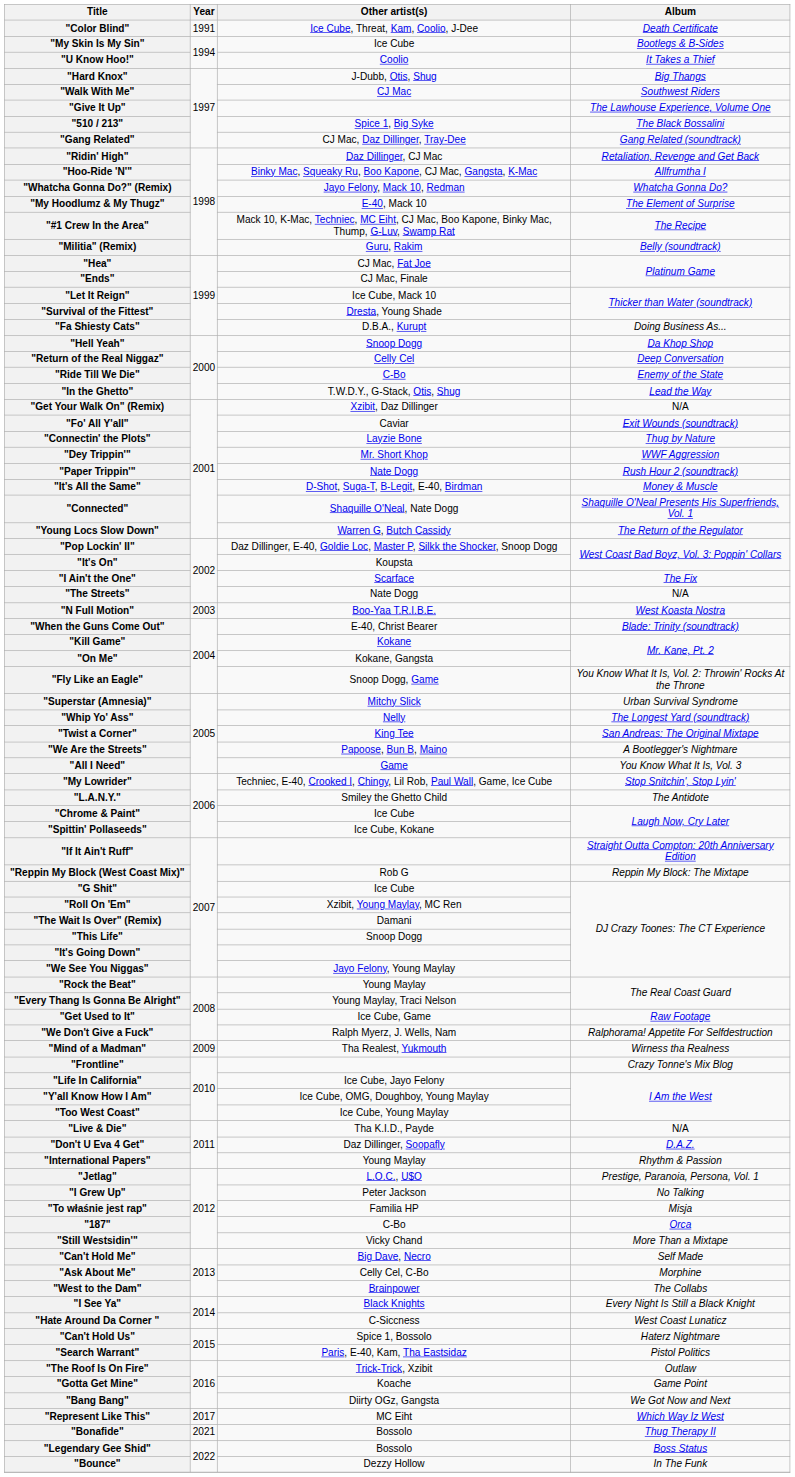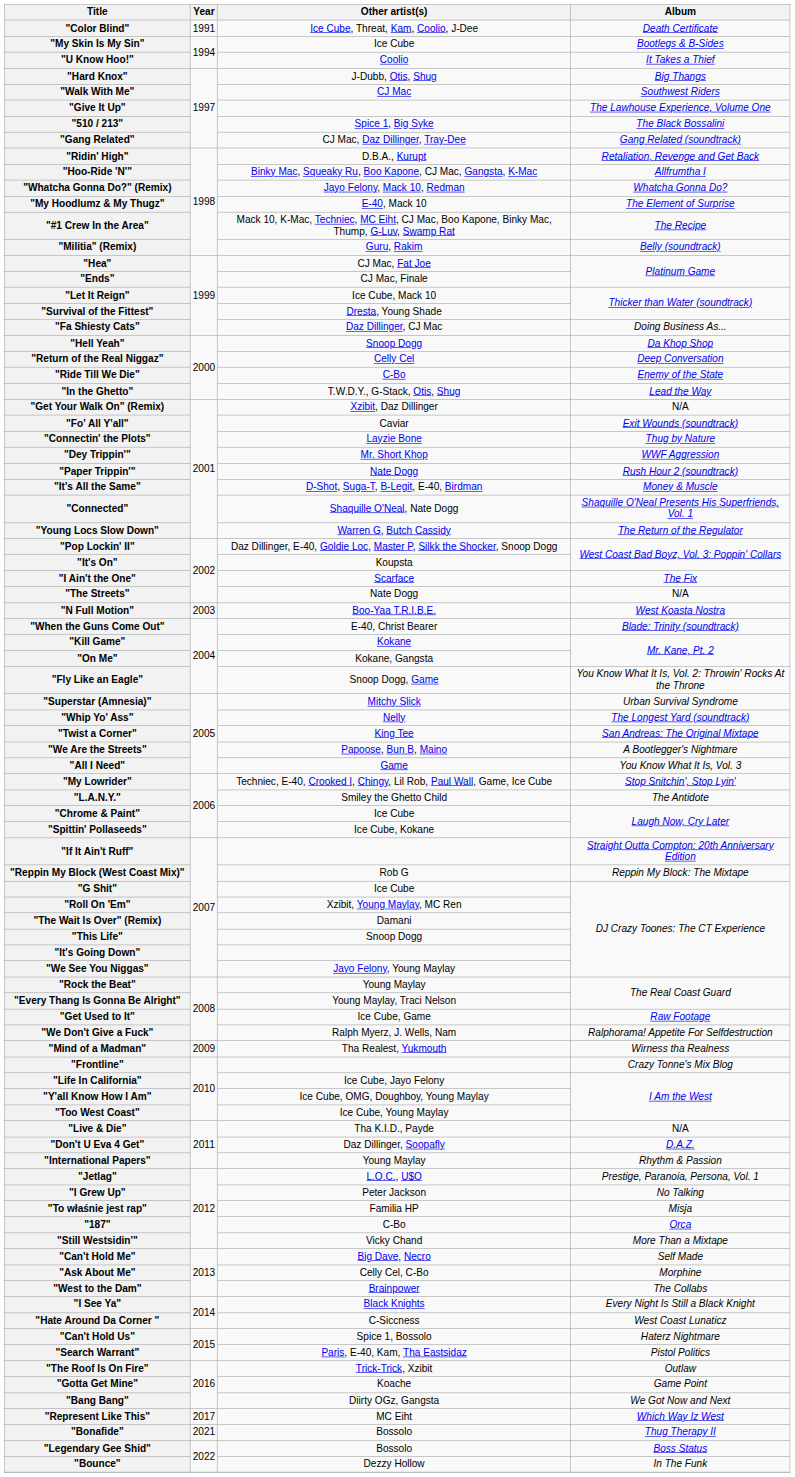 <table class="wikitable plainrowheaders" style="text-align:center;" border="1">
 <tr>
 <th scope="col" style="width:18em;">Title</th>
 <th scope="col">Year</th>
 <th scope="col">Other artist(s)</th>
 <th scope="col">Album</th>
 </tr>
 <tr>
 <th scope="row">"Color Blind"</th>
 <td>1991</td>
 <td><a href='#'>Ice Cube</a>, Threat, <a href='#'>Kam</a>, <a href='#'>Coolio</a>, J-Dee</td>
 <td><em><a href='#'>Death Certificate</a></em></td>
 </tr>
 <tr>
 <th scope="row">"My Skin Is My Sin"</th>
 <td rowspan="2">1994</td>
 <td>Ice Cube</td>
 <td><em><a href='#'>Bootlegs & B-Sides</a></em></td>
 </tr>
 <tr>
 <th scope="row">"U Know Hoo!"</th>
 <td><a href='#'>Coolio</a></td>
 <td><em><a href='#'>It Takes a Thief</a></em></td>
 </tr>
 <tr>
 <th scope="row">"Hard Knox"</th>
 <td rowspan="5">1997</td>
 <td>J-Dubb, <a href='#'>Otis</a>, <a href='#'>Shug</a></td>
 <td><em><a href='#'>Big Thangs</a></em></td>
 </tr>
 <tr>
 <th scope="row">"Walk With Me"</th>
 <td><a href='#'>CJ Mac</a></td>
 <td><em><a href='#'>Southwest Riders</a></em></td>
 </tr>
 <tr>
 <th scope="row">"Give It Up"</th>
 <td></td>
 <td><em><a href='#'>The Lawhouse Experience, Volume One</a></em></td>
 </tr>
 <tr>
 <th scope="row">"510 / 213"</th>
 <td><a href='#'>Spice 1</a>, <a href='#'>Big Syke</a></td>
 <td><em><a href='#'>The Black Bossalini</a></em></td>
 </tr>
 <tr>
 <th scope="row">"Gang Related"</th>
 <td>CJ Mac, <a href='#'>Daz Dillinger</a>, <a href='#'>Tray-Dee</a></td>
 <td><em><a href='#'>Gang Related (soundtrack)</a></em></td>
 </tr>
 <tr>
 <th scope="row">"Ridin' High"</th>
 <td rowspan="6">1998</td>
-<td><a href='#'>Daz Dillinger</a>, CJ Mac</td>
+<td>D.B.A., <a href='#'>Kurupt</a></td>
 <td><em><a href='#'>Retaliation, Revenge and Get Back</a></em></td>
 </tr>
 <tr>
 <th scope="row">"Hoo-Ride 'N'"</th>
 <td><a href='#'>Binky Mac</a>, <a href='#'>Squeaky Ru</a>, <a href='#'>Boo Kapone</a>, CJ Mac, <a href='#'>Gangsta</a>, <a href='#'>K-Mac</a></td>
 <td><em><a href='#'>Allfrumtha I</a></em></td>
 </tr>
 <tr>
 <th scope="row">"Whatcha Gonna Do?" (Remix)</th>
 <td><a href='#'>Jayo Felony</a>, <a href='#'>Mack 10</a>, <a href='#'>Redman</a></td>
 <td><em><a href='#'>Whatcha Gonna Do?</a></em></td>
 </tr>
 <tr>
 <th scope="row">"My Hoodlumz & My Thugz"</th>
 <td><a href='#'>E-40</a>, Mack 10</td>
 <td><em><a href='#'>The Element of Surprise</a></em></td>
 </tr>
 <tr>
 <th scope="row">"#1 Crew In the Area"</th>
 <td>Mack 10, K-Mac, <a href='#'>Techniec</a>, <a href='#'>MC Eiht</a>, CJ Mac, Boo Kapone, Binky Mac, Thump, <a href='#'>G-Luv</a>, <a href='#'>Swamp Rat</a></td>
 <td><em><a href='#'>The Recipe</a></em></td>
 </tr>
 <tr>
 <th scope="row">"Militia" (Remix)</th>
 <td><a href='#'>Guru</a>, <a href='#'>Rakim</a></td>
 <td><em><a href='#'>Belly (soundtrack)</a></em></td>
 </tr>
 <tr>
 <th scope="row">"Hea"</th>
 <td rowspan="5">1999</td>
 <td>CJ Mac, <a href='#'>Fat Joe</a></td>
 <td rowspan="2"><em><a href='#'>Platinum Game</a></em></td>
 </tr>
 <tr>
 <th scope="row">"Ends"</th>
 <td>CJ Mac, Finale</td>
 </tr>
 <tr>
 <th scope="row">"Let It Reign"</th>
 <td>Ice Cube, Mack 10</td>
 <td rowspan="2"><em><a href='#'>Thicker than Water (soundtrack)</a></em></td>
 </tr>
 <tr>
 <th scope="row">"Survival of the Fittest"</th>
 <td><a href='#'>Dresta</a>, Young Shade</td>
 </tr>
 <tr>
 <th scope="row">"Fa Shiesty Cats"</th>
-<td>D.B.A., <a href='#'>Kurupt</a></td>
+<td><a href='#'>Daz Dillinger</a>, CJ Mac</td>
 <td><em>Doing Business As...</em></td>
 </tr>
 <tr>
 <th scope="row">"Hell Yeah"</th>
 <td rowspan="4">2000</td>
 <td><a href='#'>Snoop Dogg</a></td>
 <td><em><a href='#'>Da Khop Shop</a></em></td>
 </tr>
 <tr>
 <th scope="row">"Return of the Real Niggaz"</th>
 <td><a href='#'>Celly Cel</a></td>
 <td><em><a href='#'>Deep Conversation</a></em></td>
 </tr>
 <tr>
 <th scope="row">"Ride Till We Die"</th>
 <td><a href='#'>C-Bo</a></td>
 <td><em><a href='#'>Enemy of the State</a></em></td>
 </tr>
 <tr>
 <th scope="row">"In the Ghetto"</th>
 <td>T.W.D.Y., G-Stack, <a href='#'>Otis</a>, <a href='#'>Shug</a></td>
 <td><em><a href='#'>Lead the Way</a></em></td>
 </tr>
 <tr>
 <th scope="row">"Get Your Walk On" (Remix)</th>
 <td rowspan="8">2001</td>
 <td><a href='#'>Xzibit</a>, Daz Dillinger</td>
 <td>N/A</td>
 </tr>
 <tr>
 <th scope="row">"Fo' All Y'all"</th>
 <td>Caviar</td>
 <td><em><a href='#'>Exit Wounds (soundtrack)</a></em></td>
 </tr>
 <tr>
 <th scope="row">"Connectin' the Plots"</th>
 <td><a href='#'>Layzie Bone</a></td>
 <td><em><a href='#'>Thug by Nature</a></em></td>
 </tr>
 <tr>
 <th scope="row">"Dey Trippin'"</th>
 <td><a href='#'>Mr. Short Khop</a></td>
 <td><em><a href='#'>WWF Aggression</a></em></td>
 </tr>
 <tr>
 <th scope="row">"Paper Trippin'"</th>
 <td><a href='#'>Nate Dogg</a></td>
 <td><em><a href='#'>Rush Hour 2 (soundtrack)</a></em></td>
 </tr>
 <tr>
 <th scope="row">"It's All the Same"</th>
 <td><a href='#'>D-Shot</a>, <a href='#'>Suga-T</a>, <a href='#'>B-Legit</a>, E-40, <a href='#'>Birdman</a></td>
 <td><em><a href='#'>Money & Muscle</a></em></td>
 </tr>
 <tr>
 <th scope="row">"Connected"</th>
 <td><a href='#'>Shaquille O'Neal</a>, Nate Dogg</td>
 <td><em><a href='#'>Shaquille O'Neal Presents His Superfriends, Vol. 1</a></em></td>
 </tr>
 <tr>
 <th scope="row">"Young Locs Slow Down"</th>
 <td><a href='#'>Warren G</a>, <a href='#'>Butch Cassidy</a></td>
 <td><em><a href='#'>The Return of the Regulator</a></em></td>
 </tr>
 <tr>
 <th scope="row">"Pop Lockin' II"</th>
 <td rowspan="4">2002</td>
 <td>Daz Dillinger, E-40, <a href='#'>Goldie Loc</a>, <a href='#'>Master P</a>, <a href='#'>Silkk the Shocker</a>, Snoop Dogg</td>
 <td rowspan="2"><em><a href='#'>West Coast Bad Boyz, Vol. 3: Poppin' Collars</a></em></td>
 </tr>
 <tr>
 <th scope="row">"It's On"</th>
 <td>Koupsta</td>
 </tr>
 <tr>
 <th scope="row">"I Ain't the One"</th>
 <td><a href='#'>Scarface</a></td>
 <td><em><a href='#'>The Fix</a></em></td>
 </tr>
 <tr>
 <th scope="row">"The Streets"</th>
 <td>Nate Dogg</td>
 <td>N/A</td>
 </tr>
 <tr>
 <th scope="row">"N Full Motion"</th>
 <td>2003</td>
 <td><a href='#'>Boo-Yaa T.R.I.B.E.</a></td>
 <td><em><a href='#'>West Koasta Nostra</a></em></td>
 </tr>
 <tr>
 <th scope="row">"When the Guns Come Out"</th>
 <td rowspan="4">2004</td>
 <td>E-40, Christ Bearer</td>
 <td><em><a href='#'>Blade: Trinity (soundtrack)</a></em></td>
 </tr>
 <tr>
 <th scope="row">"Kill Game"</th>
 <td><a href='#'>Kokane</a></td>
 <td rowspan="2"><em><a href='#'>Mr. Kane, Pt. 2</a></em></td>
 </tr>
 <tr>
 <th scope="row">"On Me"</th>
 <td>Kokane, Gangsta</td>
 </tr>
 <tr>
 <th scope="row">"Fly Like an Eagle"</th>
 <td>Snoop Dogg, <a href='#'>Game</a></td>
 <td><em>You Know What It Is, Vol. 2: Throwin' Rocks At the Throne</em></td>
 </tr>
 <tr>
 <th scope="row">"Superstar (Amnesia)"</th>
 <td rowspan="5">2005</td>
 <td><a href='#'>Mitchy Slick</a></td>
 <td><em>Urban Survival Syndrome</em></td>
 </tr>
 <tr>
 <th scope="row">"Whip Yo' Ass"</th>
 <td><a href='#'>Nelly</a></td>
 <td><em><a href='#'>The Longest Yard (soundtrack)</a></em></td>
 </tr>
 <tr>
 <th scope="row">"Twist a Corner"</th>
 <td><a href='#'>King Tee</a></td>
 <td><em><a href='#'>San Andreas: The Original Mixtape</a></em></td>
 </tr>
 <tr>
 <th scope="row">"We Are the Streets"</th>
 <td><a href='#'>Papoose</a>, <a href='#'>Bun B</a>, <a href='#'>Maino</a></td>
 <td><em>A Bootlegger's Nightmare</em></td>
 </tr>
 <tr>
 <th scope="row">"All I Need"</th>
 <td><a href='#'>Game</a></td>
 <td><em>You Know What It Is, Vol. 3</em></td>
 </tr>
 <tr>
 <th scope="row">"My Lowrider"</th>
 <td rowspan="4">2006</td>
 <td>Techniec, E-40, <a href='#'>Crooked I</a>, <a href='#'>Chingy</a>, Lil Rob, <a href='#'>Paul Wall</a>, Game, Ice Cube</td>
 <td><em><a href='#'>Stop Snitchin', Stop Lyin'</a></em></td>
 </tr>
 <tr>
 <th scope="row">"L.A.N.Y."</th>
 <td>Smiley the Ghetto Child</td>
 <td><em>The Antidote</em></td>
 </tr>
 <tr>
 <th scope="row">"Chrome & Paint"</th>
 <td>Ice Cube</td>
 <td rowspan="2"><em><a href='#'>Laugh Now, Cry Later</a></em></td>
 </tr>
 <tr>
 <th scope="row">"Spittin' Pollaseeds"</th>
 <td>Ice Cube, Kokane</td>
 </tr>
 <tr>
 <th scope="row">"If It Ain't Ruff"</th>
 <td rowspan="8">2007</td>
 <td></td>
 <td><em><a href='#'>Straight Outta Compton: 20th Anniversary Edition</a></em></td>
 </tr>
 <tr>
 <th scope="row">"Reppin My Block (West Coast Mix)"</th>
 <td>Rob G</td>
 <td><em>Reppin My Block: The Mixtape</em></td>
 </tr>
 <tr>
 <th scope="row">"G Shit"</th>
 <td>Ice Cube</td>
 <td rowspan="6"><em>DJ Crazy Toones: The CT Experience</em></td>
 </tr>
 <tr>
 <th scope="row">"Roll On 'Em"</th>
 <td>Xzibit, <a href='#'>Young Maylay</a>, MC Ren</td>
 </tr>
 <tr>
 <th scope="row">"The Wait Is Over" (Remix)</th>
 <td>Damani</td>
 </tr>
 <tr>
 <th scope="row">"This Life"</th>
 <td>Snoop Dogg</td>
 </tr>
 <tr>
 <th scope="row">"It's Going Down"</th>
 <td></td>
 </tr>
 <tr>
 <th scope="row">"We See You Niggas"</th>
 <td><a href='#'>Jayo Felony</a>, Young Maylay</td>
 </tr>
 <tr>
 <th scope="row">"Rock the Beat"</th>
 <td rowspan="4">2008</td>
 <td>Young Maylay</td>
 <td rowspan="2"><em>The Real Coast Guard</em></td>
 </tr>
 <tr>
 <th scope="row">"Every Thang Is Gonna Be Alright"</th>
 <td>Young Maylay, Traci Nelson</td>
 </tr>
 <tr>
 <th scope="row">"Get Used to It"</th>
 <td>Ice Cube, Game</td>
 <td><em><a href='#'>Raw Footage</a></em></td>
 </tr>
 <tr>
 <th scope="row">"We Don't Give a Fuck"</th>
 <td>Ralph Myerz, J. Wells, Nam</td>
 <td><em>Ralphorama! Appetite For Selfdestruction</em></td>
 </tr>
 <tr>
 <th scope="row">"Mind of a Madman"</th>
 <td>2009</td>
 <td>Tha Realest, <a href='#'>Yukmouth</a></td>
 <td><em>Wirness tha Realness</em></td>
 </tr>
 <tr>
 <th scope="row">"Frontline"</th>
 <td rowspan="4">2010</td>
 <td></td>
 <td><em>Crazy Tonne's Mix Blog</em></td>
 </tr>
 <tr>
 <th scope="row">"Life In California"</th>
 <td>Ice Cube, Jayo Felony</td>
 <td rowspan="3"><em><a href='#'>I Am the West</a></em></td>
 </tr>
 <tr>
 <th scope="row">"Y'all Know How I Am"</th>
 <td>Ice Cube, OMG, Doughboy, Young Maylay</td>
 </tr>
 <tr>
 <th scope="row">"Too West Coast"</th>
 <td>Ice Cube, Young Maylay</td>
 </tr>
 <tr>
 <th scope="row">"Live & Die"</th>
 <td rowspan="3">2011</td>
 <td>Tha K.I.D., Payde</td>
 <td>N/A</td>
 </tr>
 <tr>
 <th scope="row">"Don't U Eva 4 Get"</th>
 <td>Daz Dillinger, <a href='#'>Soopafly</a></td>
 <td><em><a href='#'>D.A.Z.</a></em></td>
 </tr>
 <tr>
 <th scope="row">"International Papers"</th>
 <td>Young Maylay</td>
 <td><em>Rhythm & Passion</em></td>
 </tr>
 <tr>
 <th scope="row">"Jetlag"</th>
 <td rowspan="5”">2012</td>
 <td><a href='#'>L.O.C.</a>, <a href='#'>U$O</a></td>
 <td><em>Prestige, Paranoia, Persona, Vol. 1</em></td>
 </tr>
 <tr>
 <th scope="row">"I Grew Up"</th>
 <td>Peter Jackson</td>
 <td><em>No Talking</em></td>
 </tr>
 <tr>
 <th scope="row">"To właśnie jest rap"</th>
 <td>Familia HP</td>
 <td><em>Misja</em></td>
 </tr>
 <tr>
 <th scope="row">"187"</th>
 <td>C-Bo</td>
 <td><em><a href='#'>Orca</a></em></td>
 </tr>
 <tr>
 <th scope="row">"Still Westsidin'"</th>
 <td>Vicky Chand</td>
 <td><em>More Than a Mixtape</em></td>
 </tr>
 <tr>
 <th scope="row">"Can't Hold Me"</th>
 <td rowspan="3">2013</td>
 <td><a href='#'>Big Dave</a>, <a href='#'>Necro</a></td>
 <td><em>Self Made</em></td>
 </tr>
 <tr>
 <th scope="row">"Ask About Me"</th>
 <td>Celly Cel, C-Bo</td>
 <td><em>Morphine</em></td>
 </tr>
 <tr>
 <th scope="row">"West to the Dam"</th>
 <td><a href='#'>Brainpower</a></td>
 <td><em>The Collabs</em></td>
 </tr>
 <tr>
 <th scope="row">"I See Ya"</th>
 <td rowspan="2">2014</td>
 <td><a href='#'>Black Knights</a></td>
 <td><em>Every Night Is Still a Black Knight</em></td>
 </tr>
 <tr>
 <th scope="row">"Hate Around Da Corner "</th>
 <td>C-Siccness</td>
 <td><em>West Coast Lunaticz</em></td>
 </tr>
 <tr>
 <th scope="row">"Can't Hold Us"</th>
 <td rowspan="2">2015</td>
 <td>Spice 1, Bossolo</td>
 <td><em>Haterz Nightmare</em></td>
 </tr>
 <tr>
 <th scope="row">"Search Warrant"</th>
 <td><a href='#'>Paris</a>, E-40, Kam, <a href='#'>Tha Eastsidaz</a></td>
 <td><em>Pistol Politics</em></td>
 </tr>
 <tr>
 <th scope="row">"The Roof Is On Fire"</th>
 <td rowspan="3">2016</td>
 <td><a href='#'>Trick-Trick</a>, Xzibit</td>
 <td><em>Outlaw</em></td>
 </tr>
 <tr>
 <th scope="row">"Gotta Get Mine"</th>
 <td>Koache</td>
 <td><em>Game Point</em></td>
 </tr>
 <tr>
 <th scope="row">"Bang Bang"</th>
 <td>Diirty OGz, Gangsta</td>
 <td><em>We Got Now and Next</em></td>
 </tr>
 <tr>
 <th scope="row">"Represent Like This"</th>
 <td rowspan="1">2017</td>
 <td>MC Eiht</td>
 <td><em><a href='#'>Which Way Iz West</a></em></td>
 </tr>
 <tr>
 <th scope="row">"Bonafide"</th>
 <td rowspan="1">2021</td>
 <td>Bossolo</td>
 <td><em><a href='#'>Thug Therapy II </a></em></td>
 </tr>
 <tr>
 <th scope="row">"Legendary Gee Shid"</th>
 <td rowspan="2">2022</td>
 <td>Bossolo</td>
 <td><em><a href='#'>Boss Status </a></em></td>
 </tr>
 <tr>
 <th scope="row">"Bounce"</th>
 <td>Dezzy Hollow</td>
 <td><em>In The Funk</em></td>
 </tr>
 <tr>
 </tr>
 </table>
